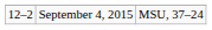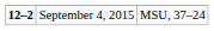 <table class="wikitable">
 <tr align="center">
 </tr>
 <tr align="center">
-<td>12–2</td>
+<td><strong>12–2</strong></td>
 <td>September 4, 2015</td>
 <td>MSU, 37–24</td>
 </tr>
 </table>
